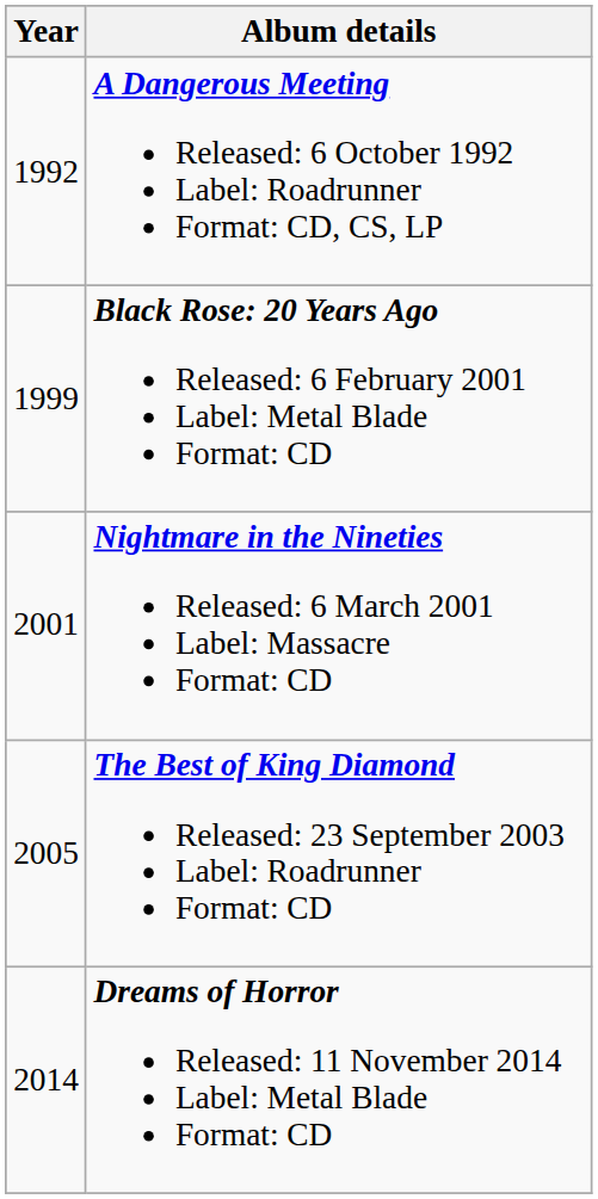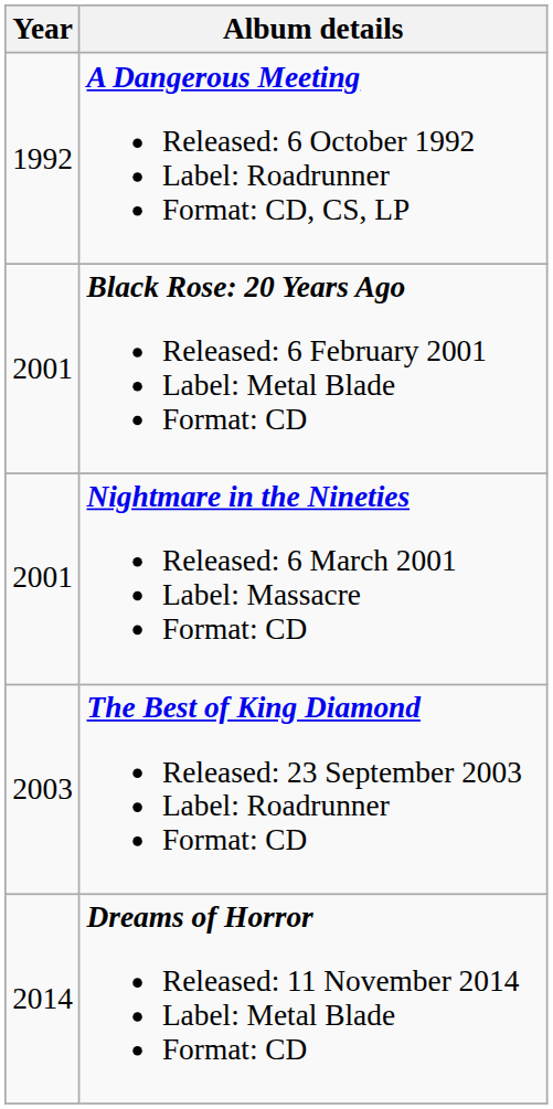 <table class="wikitable" border="1">
 <tr>
 <th>Year</th>
 <th width="240">Album details</th>
 </tr>
 <tr>
 <td>1992</td>
 <td><strong><em><a href='#'>A Dangerous Meeting</a></em></strong><br><ul><li>Released: 6 October 1992</li><li>Label: Roadrunner</li><li>Format: CD, CS, LP</li></ul></td>
 </tr>
 <tr>
-<td>1999</td>
+<td>2001</td>
 <td><strong><em>Black Rose: 20 Years Ago</em></strong><br><ul><li>Released: 6 February 2001</li><li>Label: Metal Blade</li><li>Format: CD</li></ul></td>
 </tr>
 <tr>
 <td>2001</td>
 <td><strong><em><a href='#'>Nightmare in the Nineties</a></em></strong><br><ul><li>Released: 6 March 2001</li><li>Label: Massacre</li><li>Format: CD</li></ul></td>
 </tr>
 <tr>
-<td>2005</td>
+<td>2003</td>
 <td><strong><em><a href='#'>The Best of King Diamond</a></em></strong><br><ul><li>Released: 23 September 2003</li><li>Label: Roadrunner</li><li>Format: CD</li></ul></td>
 </tr>
 <tr>
 <td>2014</td>
 <td><strong><em>Dreams of Horror</em></strong><br><ul><li>Released: 11 November 2014</li><li>Label: Metal Blade</li><li>Format: CD</li></ul></td>
 </tr>
 </table>
